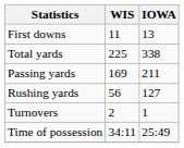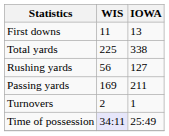 <table class="wikitable">
 <tr>
 <th>Statistics</th>
 <th>WIS</th>
 <th>IOWA</th>
 </tr>
 <tr>
 <td>First downs</td>
 <td>11</td>
 <td>13</td>
 </tr>
 <tr>
 <td>Total yards</td>
 <td>225</td>
 <td>338</td>
 </tr>
 <tr>
+<td>Rushing yards</td>
+<td>56</td>
+<td>127</td>
+</tr>
+<tr>
 <td>Passing yards</td>
 <td>169</td>
 <td>211</td>
-</tr>
-<tr>
-<td>Rushing yards</td>
-<td>56</td>
-<td>127</td>
 </tr>
 <tr>
 <td>Turnovers</td>
 <td>2</td>
 <td>1</td>
 </tr>
 <tr>
 <td>Time of possession</td>
-<td>34:11</td>
+<td style="background: lavender;">34:11</td>
 <td>25:49</td>
 </tr>
 <tr>
 </tr>
 </table>
